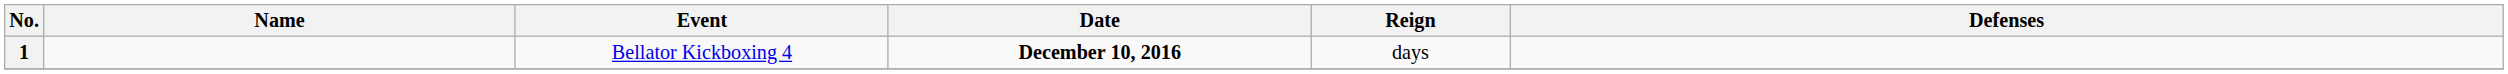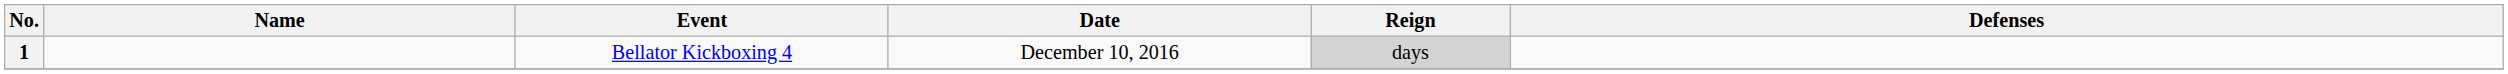 <table class="wikitable" width=100%>
 <tr>
 <th width=1%>No.</th>
 <th width=19%>Name</th>
 <th width=15%>Event</th>
 <th width=17%>Date</th>
 <th width=8%>Reign</th>
 <th width=40%>Defenses</th>
 </tr>
 <tr>
 <th>1</th>
 <td align=left><br></td>
 <td align=center><a href='#'>Bellator Kickboxing 4</a><br></td>
-<td align=center><strong>December 10, 2016</strong></td>
-<td align=center> days</td>
+<td align=center>December 10, 2016</td>
+<td align=center style="background: lightgrey;"> days</td>
 <td></td>
 </tr>
 <tr>
 </tr>
 </table>
